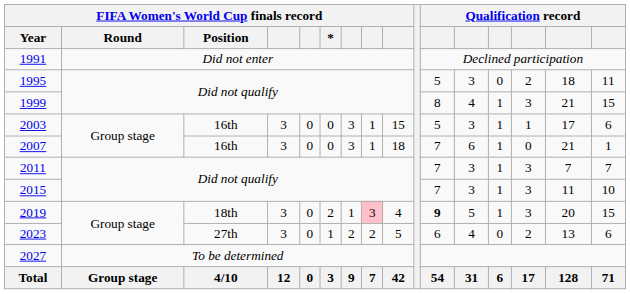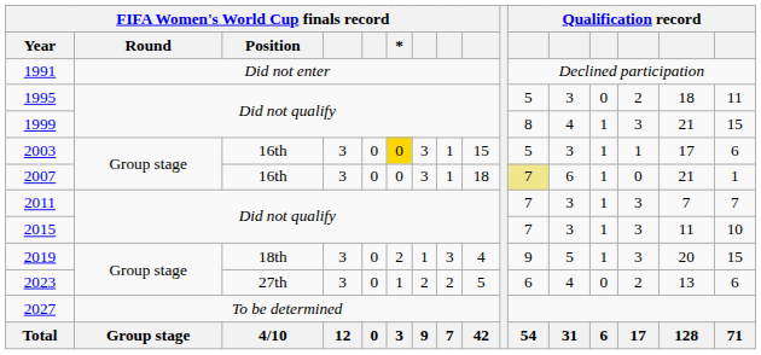 <table class="wikitable" style="text-align: center;font-size:90%;">
 <tr>
 <th colspan=9><a href='#'>FIFA Women's World Cup</a> finals record</th>
 <th style="width:1%;" rowspan=13></th>
 <th colspan=6><a href='#'>Qualification</a> record</th>
 </tr>
 <tr>
 <th>Year</th>
 <th>Round</th>
 <th>Position</th>
 <th></th>
 <th></th>
 <th>*</th>
 <th></th>
 <th></th>
 <th></th>
 <th></th>
 <th></th>
 <th></th>
 <th></th>
 <th></th>
 <th></th>
 </tr>
 <tr>
 <td> <a href='#'>1991</a></td>
 <td colspan=8><em>Did not enter</em></td>
 <td colspan=6><em>Declined participation</em></td>
 </tr>
 <tr>
 <td> <a href='#'>1995</a></td>
 <td rowspan=2 colspan=8><em>Did not qualify</em></td>
 <td>5</td>
 <td>3</td>
 <td>0</td>
 <td>2</td>
 <td>18</td>
 <td>11</td>
 </tr>
 <tr>
 <td> <a href='#'>1999</a></td>
 <td>8</td>
 <td>4</td>
 <td>1</td>
 <td>3</td>
 <td>21</td>
 <td>15</td>
 </tr>
 <tr>
 <td> <a href='#'>2003</a></td>
 <td rowspan=2>Group stage</td>
 <td>16th</td>
 <td>3</td>
 <td>0</td>
-<td>0</td>
+<td style="background: gold;">0</td>
 <td>3</td>
 <td>1</td>
 <td>15</td>
 <td>5</td>
 <td>3</td>
 <td>1</td>
 <td>1</td>
 <td>17</td>
 <td>6</td>
 </tr>
 <tr>
 <td> <a href='#'>2007</a></td>
 <td>16th</td>
 <td>3</td>
 <td>0</td>
 <td>0</td>
 <td>3</td>
 <td>1</td>
 <td>18</td>
-<td>7</td>
+<td style="background: khaki;">7</td>
 <td>6</td>
 <td>1</td>
 <td>0</td>
 <td>21</td>
 <td>1</td>
 </tr>
 <tr>
 <td> <a href='#'>2011</a></td>
 <td rowspan=2 colspan=8><em>Did not qualify</em></td>
 <td>7</td>
 <td>3</td>
 <td>1</td>
 <td>3</td>
 <td>7</td>
 <td>7</td>
 </tr>
 <tr>
 <td> <a href='#'>2015</a></td>
 <td>7</td>
 <td>3</td>
 <td>1</td>
 <td>3</td>
 <td>11</td>
 <td>10</td>
 </tr>
 <tr>
 <td> <a href='#'>2019</a></td>
 <td rowspan=2>Group stage</td>
 <td>18th</td>
 <td>3</td>
 <td>0</td>
 <td>2</td>
 <td>1</td>
-<td style="background: pink;">3</td>
+<td>3</td>
 <td>4</td>
-<td><strong>9</strong></td>
+<td>9</td>
 <td>5</td>
 <td>1</td>
 <td>3</td>
 <td>20</td>
 <td>15</td>
 </tr>
 <tr>
 <td> <a href='#'>2023</a></td>
 <td>27th</td>
 <td>3</td>
 <td>0</td>
 <td>1</td>
 <td>2</td>
 <td>2</td>
 <td>5</td>
 <td>6</td>
 <td>4</td>
 <td>0</td>
 <td>2</td>
 <td>13</td>
 <td>6</td>
 </tr>
 <tr>
 <td> <a href='#'>2027</a></td>
 <td colspan=8><em>To be determined</em></td>
 </tr>
 <tr>
 <th><strong>Total</strong></th>
 <th>Group stage</th>
 <th>4/10</th>
 <th>12</th>
 <th>0</th>
 <th>3</th>
 <th>9</th>
 <th>7</th>
 <th>42</th>
 <th>54</th>
 <th>31</th>
 <th>6</th>
 <th>17</th>
 <th>128</th>
 <th>71</th>
 </tr>
 </table>
